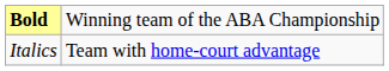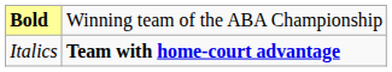 <table class="wikitable">
 <tr>
 <td bgcolor=#FFFF99><strong>Bold</strong></td>
 <td>Winning team of the ABA Championship</td>
 </tr>
 <tr>
 <td><em>Italics</em></td>
-<td>Team with <a href='#'>home-court advantage</a></td>
+<td><strong>Team with <a href='#'>home-court advantage</a></strong></td>
 </tr>
 </table>
